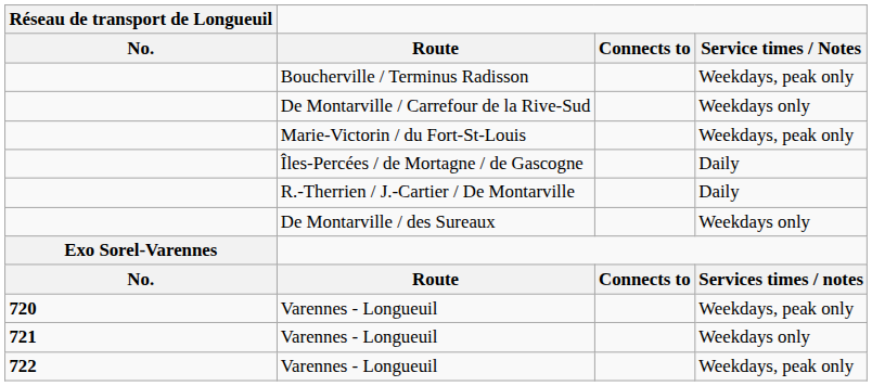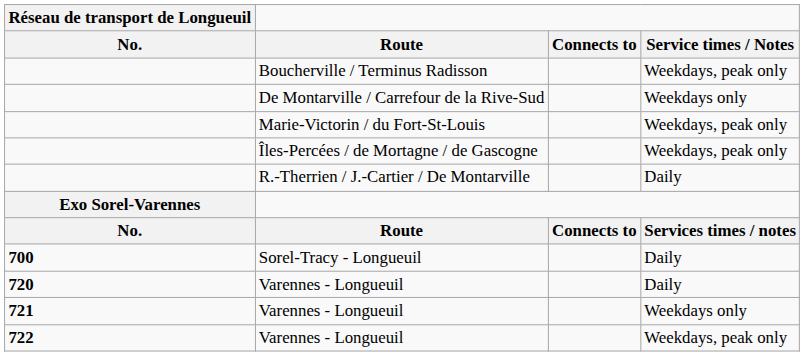 <table class="wikitable">
 <tr>
 <th style="background: #">Réseau de transport de Longueuil</th>
 </tr>
 <tr>
 <th>No.</th>
 <th>Route</th>
 <th>Connects to</th>
 <th>Service times / Notes</th>
 </tr>
 <tr>
 <td></td>
 <td>Boucherville / Terminus Radisson</td>
 <td></td>
 <td>Weekdays, peak only</td>
 </tr>
 <tr>
 <td></td>
 <td>De Montarville / Carrefour de la Rive-Sud</td>
 <td></td>
 <td>Weekdays only</td>
 </tr>
 <tr>
 <td></td>
 <td>Marie-Victorin / du Fort-St-Louis</td>
 <td></td>
 <td>Weekdays, peak only</td>
 </tr>
 <tr>
 <td></td>
 <td>Îles-Percées / de Mortagne / de Gascogne</td>
 <td></td>
-<td>Daily</td>
+<td>Weekdays, peak only</td>
 </tr>
 <tr>
 <td></td>
 <td>R.-Therrien / J.-Cartier / De Montarville</td>
 <td></td>
 <td>Daily</td>
-</tr>
-<tr>
-<td></td>
-<td>De Montarville / des Sureaux</td>
-<td></td>
-<td>Weekdays only</td>
 </tr>
 <tr>
 <th style="background: #">Exo Sorel-Varennes</th>
 </tr>
 <tr>
 <th>No.</th>
 <th>Route</th>
 <th>Connects to</th>
 <th>Services times / notes</th>
 </tr>
 <tr>
+<td {{border> <strong>700</strong></td>
+<td>Sorel-Tracy - Longueuil</td>
+<td></td>
+<td>Daily</td>
+</tr>
+<tr>
 <td {{border> <strong>720</strong></td>
 <td>Varennes - Longueuil</td>
 <td> </td>
-<td>Weekdays, peak only</td>
+<td>Daily</td>
 </tr>
 <tr>
 <td {{border> <strong>721</strong></td>
 <td>Varennes - Longueuil</td>
 <td> </td>
 <td>Weekdays only</td>
 </tr>
 <tr>
 <td {{border> <strong>722</strong></td>
 <td>Varennes - Longueuil</td>
 <td> </td>
 <td>Weekdays, peak only</td>
 </tr>
 </table>
